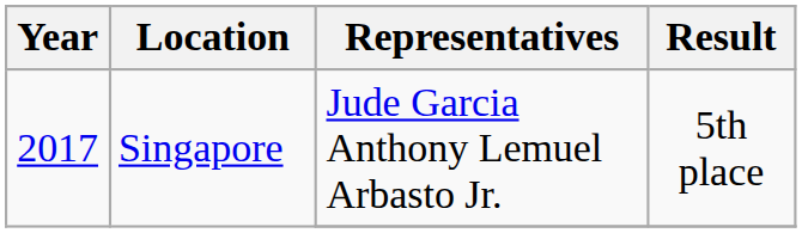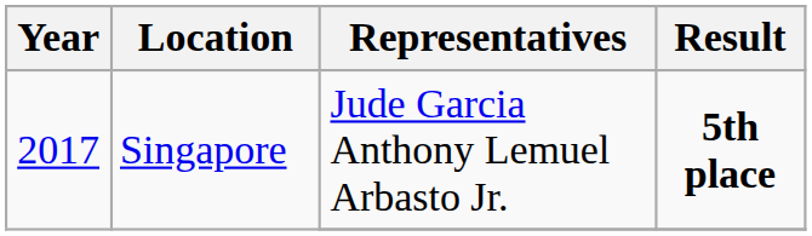 <table class="wikitable" style="font-size:100%; width:50%;">
 <tr>
 <th style= "align=center; width:10em;">Year</th>
 <th style= "align=center; width:65em;">Location</th>
 <th style= "align=center; width:100em;">Representatives</th>
 <th style= "align=center; width:50em;">Result</th>
 </tr>
 <tr>
 <td rowspan=2 align=center><a href='#'>2017</a></td>
 <td rowspan=2> <a href='#'>Singapore</a></td>
 <td><a href='#'>Jude Garcia</a> <br> Anthony Lemuel Arbasto Jr.</td>
-<td align=center>5th place</td>
+<td align=center><strong>5th place</strong></td>
 </tr>
 <tr>
 </tr>
 </table>
